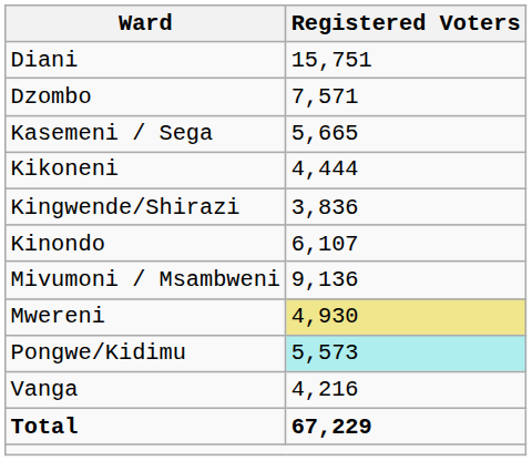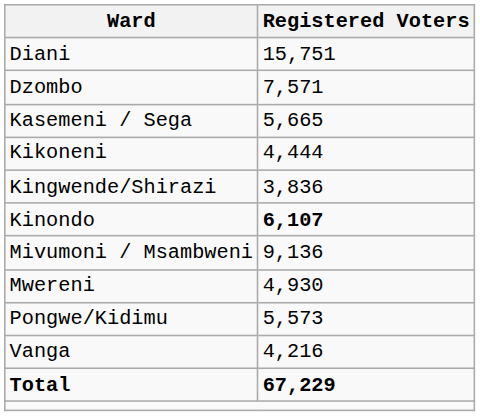 <table class="wikitable">
 <tr>
 <th>Ward</th>
 <th>Registered Voters</th>
 </tr>
 <tr>
 <td>Diani</td>
 <td>15,751</td>
 </tr>
 <tr>
 <td>Dzombo</td>
 <td>7,571</td>
 </tr>
 <tr>
 <td>Kasemeni / Sega</td>
 <td>5,665</td>
 </tr>
 <tr>
 <td>Kikoneni</td>
 <td>4,444</td>
 </tr>
 <tr>
 <td>Kingwende/Shirazi</td>
 <td>3,836</td>
 </tr>
 <tr>
 <td>Kinondo</td>
-<td>6,107</td>
+<td><strong>6,107</strong></td>
 </tr>
 <tr>
 <td>Mivumoni / Msambweni</td>
 <td>9,136</td>
 </tr>
 <tr>
 <td>Mwereni</td>
-<td style="background: khaki;">4,930</td>
+<td>4,930</td>
 </tr>
 <tr>
 <td>Pongwe/Kidimu</td>
-<td style="background: paleturquoise;">5,573</td>
+<td>5,573</td>
 </tr>
 <tr>
 <td>Vanga</td>
 <td>4,216</td>
 </tr>
 <tr>
 <td><strong>Total</strong></td>
 <td><strong>67,229</strong></td>
 </tr>
 <tr>
 <td colspan="2"></td>
 </tr>
 </table>
